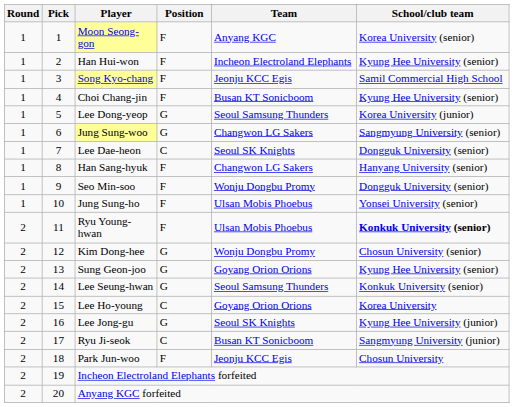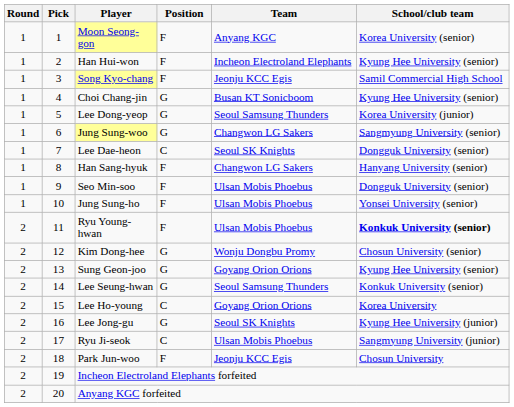 <table class="wikitable sortable sortable">
 <tr>
 <th scope="col" width=40>Round</th>
 <th scope="col" width=40>Pick</th>
 <th scope="col" width=110>Player</th>
 <th scope="col" width=70>Position</th>
 <th scope="col" width=200>Team</th>
 <th scope="col" width=210>School/club team</th>
 </tr>
 <tr>
 <td align=center>1</td>
 <td align=center>1</td>
 <td style="background-color:#FFFF99;"><a href='#'>Moon Seong-gon</a></td>
 <td>F</td>
 <td><a href='#'>Anyang KGC</a></td>
 <td><a href='#'>Korea University</a> (senior)</td>
 </tr>
 <tr>
 <td align=center>1</td>
 <td align=center>2</td>
 <td>Han Hui-won</td>
 <td>F</td>
 <td><a href='#'>Incheon Electroland Elephants</a></td>
 <td><a href='#'>Kyung Hee University</a> (senior)</td>
 </tr>
 <tr>
 <td align=center>1</td>
 <td align=center>3</td>
 <td style="background-color:#FFFF99;"><a href='#'>Song Kyo-chang</a></td>
 <td>F</td>
 <td><a href='#'>Jeonju KCC Egis</a></td>
 <td><a href='#'>Samil Commercial High School</a></td>
 </tr>
 <tr>
 <td align=center>1</td>
 <td align=center>4</td>
 <td>Choi Chang-jin</td>
-<td>F</td>
+<td>G</td>
 <td><a href='#'>Busan KT Sonicboom</a></td>
 <td><a href='#'>Kyung Hee University</a> (senior)</td>
 </tr>
 <tr>
 <td align=center>1</td>
 <td align=center>5</td>
 <td>Lee Dong-yeop</td>
 <td>G</td>
 <td><a href='#'>Seoul Samsung Thunders</a></td>
 <td><a href='#'>Korea University</a> (junior)</td>
 </tr>
 <tr>
 <td align=center>1</td>
 <td align=center>6</td>
 <td style="background-color:#FFFF99;">Jung Sung-woo</td>
 <td>G</td>
 <td><a href='#'>Changwon LG Sakers</a></td>
 <td><a href='#'>Sangmyung University</a> (senior)</td>
 </tr>
 <tr>
 <td align=center>1</td>
 <td align=center>7</td>
 <td>Lee Dae-heon</td>
 <td>C</td>
 <td><a href='#'>Seoul SK Knights</a></td>
 <td><a href='#'>Dongguk University</a> (senior)</td>
 </tr>
 <tr>
 <td align=center>1</td>
 <td align=center>8</td>
 <td>Han Sang-hyuk</td>
 <td>F</td>
 <td><a href='#'>Changwon LG Sakers</a></td>
 <td><a href='#'>Hanyang University</a> (senior)</td>
 </tr>
 <tr>
 <td align=center>1</td>
 <td align=center>9</td>
 <td>Seo Min-soo</td>
 <td>F</td>
-<td><a href='#'>Wonju Dongbu Promy</a></td>
+<td><a href='#'>Ulsan Mobis Phoebus</a></td>
 <td><a href='#'>Dongguk University</a> (senior)</td>
 </tr>
 <tr>
 <td align=center>1</td>
 <td align=center>10</td>
 <td>Jung Sung-ho</td>
 <td>F</td>
 <td><a href='#'>Ulsan Mobis Phoebus</a></td>
 <td><a href='#'>Yonsei University</a> (senior)</td>
 </tr>
 <tr>
 <td align=center>2</td>
 <td align=center>11</td>
 <td>Ryu Young-hwan</td>
 <td>F</td>
 <td><a href='#'>Ulsan Mobis Phoebus</a></td>
 <td><strong><a href='#'>Konkuk University</a> (senior)</strong></td>
 </tr>
 <tr>
 <td align=center>2</td>
 <td align=center>12</td>
 <td>Kim Dong-hee</td>
 <td>G</td>
 <td><a href='#'>Wonju Dongbu Promy</a></td>
 <td><a href='#'>Chosun University</a> (senior)</td>
 </tr>
 <tr>
 <td align=center>2</td>
 <td align=center>13</td>
 <td>Sung Geon-joo</td>
 <td>G</td>
 <td><a href='#'>Goyang Orion Orions</a></td>
 <td><a href='#'>Kyung Hee University</a> (senior)</td>
 </tr>
 <tr>
 <td align=center>2</td>
 <td align=center>14</td>
 <td>Lee Seung-hwan</td>
 <td>G</td>
 <td><a href='#'>Seoul Samsung Thunders</a></td>
 <td><a href='#'>Konkuk University</a> (senior)</td>
 </tr>
 <tr>
 <td align=center>2</td>
 <td align=center>15</td>
 <td>Lee Ho-young</td>
 <td>C</td>
 <td><a href='#'>Goyang Orion Orions</a></td>
 <td><a href='#'>Korea University</a></td>
 </tr>
 <tr>
 <td align=center>2</td>
 <td align=center>16</td>
 <td>Lee Jong-gu</td>
 <td>G</td>
 <td><a href='#'>Seoul SK Knights</a></td>
 <td><a href='#'>Kyung Hee University</a> (junior)</td>
 </tr>
 <tr>
 <td align=center>2</td>
 <td align=center>17</td>
 <td>Ryu Ji-seok</td>
 <td>C</td>
-<td><a href='#'>Busan KT Sonicboom</a></td>
+<td><a href='#'>Ulsan Mobis Phoebus</a></td>
 <td><a href='#'>Sangmyung University</a> (junior)</td>
 </tr>
 <tr>
 <td align=center>2</td>
 <td align=center>18</td>
 <td>Park Jun-woo</td>
 <td>F</td>
 <td><a href='#'>Jeonju KCC Egis</a></td>
 <td><a href='#'>Chosun University</a></td>
 </tr>
 <tr>
 <td align=center>2</td>
 <td align=center>19</td>
 <td colspan="4"><a href='#'>Incheon Electroland Elephants</a> forfeited</td>
 </tr>
 <tr>
 <td align=center>2</td>
 <td align=center>20</td>
 <td colspan="4"><a href='#'>Anyang KGC</a> forfeited</td>
 </tr>
 </table>
